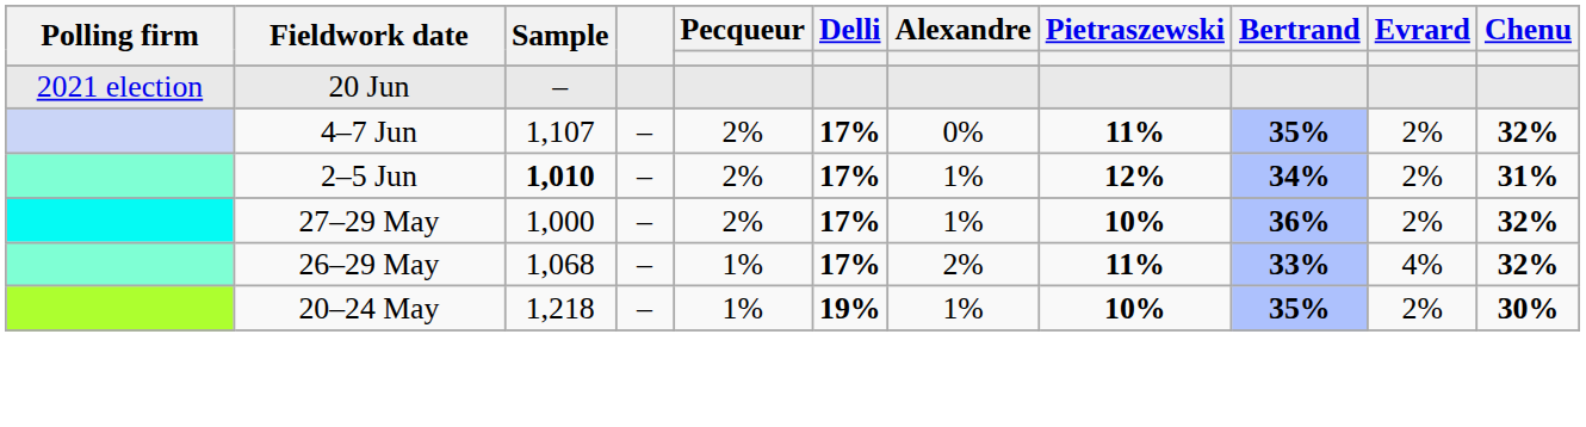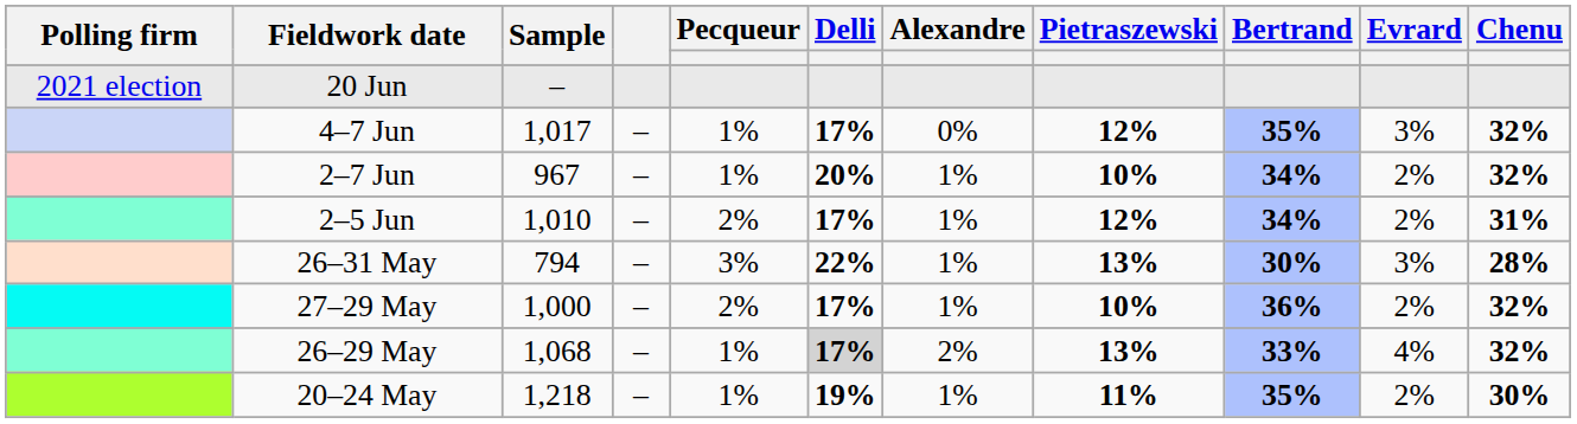 <table class="wikitable" style="text-align:center;font-size:90%;line-height:14px;">
 <tr>
 <th rowspan="2" style="width:100px;">Polling firm</th>
 <th rowspan="2" style="width:120px;">Fieldwork date</th>
 <th rowspan="2" style="width:35px;">Sample</th>
 <th rowspan="2" style="width:20px;"></th>
 <th>Pecqueur<br></th>
 <th><a href='#'>Delli</a><br></th>
 <th>Alexandre<br></th>
 <th><a href='#'>Pietraszewski</a><br></th>
 <th><a href='#'>Bertrand</a><br></th>
 <th><a href='#'>Evrard</a><br></th>
 <th><a href='#'>Chenu</a><br></th>
 </tr>
 <tr>
 <th style="background:"></th>
 <th style="background:"></th>
 <th style="background:"></th>
 <th style="background:"></th>
 <th style="background:"></th>
 <th style="background:"></th>
 <th style="background:"></th>
 </tr>
 <tr style="background:#E9E9E9;">
 <td><a href='#'>2021 election</a></td>
 <td data-sort-value="2021-06-20">20 Jun</td>
 <td>–</td>
 <td></td>
 <td></td>
 <td></td>
 <td></td>
 <td></td>
 <td></td>
 <td></td>
 <td></td>
 </tr>
 <tr>
 <td style="background:#CAD5F7;"></td>
 <td>4–7 Jun</td>
-<td>1,107</td>
+<td>1,017</td>
 <td>–</td>
-<td>2%</td>
+<td>1%</td>
 <td><strong>17%</strong></td>
 <td>0%</td>
-<td><strong>11%</strong></td>
+<td><strong>12%</strong></td>
 <td style="background:#ADC1FD;"><strong>35%</strong></td>
+<td>3%</td>
+<td><strong>32%</strong></td>
+</tr>
+<tr>
+<td style="background:#FFCCCC;"></td>
+<td>2–7 Jun</td>
+<td>967</td>
+<td>–</td>
+<td>1%</td>
+<td><strong>20%</strong></td>
+<td>1%</td>
+<td><strong>10%</strong></td>
+<td style="background:#ADC1FD;"><strong>34%</strong></td>
 <td>2%</td>
 <td><strong>32%</strong></td>
 </tr>
 <tr>
 <td style="background:aquamarine;"></td>
 <td>2–5 Jun</td>
-<td><strong>1,010</strong></td>
+<td>1,010</td>
 <td>–</td>
 <td>2%</td>
 <td><strong>17%</strong></td>
 <td>1%</td>
 <td><strong>12%</strong></td>
 <td style="background:#ADC1FD;"><strong>34%</strong></td>
 <td>2%</td>
 <td><strong>31%</strong></td>
+</tr>
+<tr>
+<td style="background:#FFDFCC;"></td>
+<td>26–31 May</td>
+<td>794</td>
+<td>–</td>
+<td>3%</td>
+<td><strong>22%</strong></td>
+<td>1%</td>
+<td><strong>13%</strong></td>
+<td style="background:#ADC1FD;"><strong>30%</strong></td>
+<td>3%</td>
+<td><strong>28%</strong></td>
 </tr>
 <tr>
 <td style="background:#04FBF4;"></td>
 <td>27–29 May</td>
 <td>1,000</td>
 <td>–</td>
 <td>2%</td>
 <td><strong>17%</strong></td>
 <td>1%</td>
 <td><strong>10%</strong></td>
 <td style="background:#ADC1FD;"><strong>36%</strong></td>
 <td>2%</td>
 <td><strong>32%</strong></td>
 </tr>
 <tr>
 <td style="background:aquamarine;"></td>
 <td>26–29 May</td>
 <td>1,068</td>
 <td>–</td>
 <td>1%</td>
-<td><strong>17%</strong></td>
+<td style="background: lightgrey;"><strong>17%</strong></td>
 <td>2%</td>
-<td><strong>11%</strong></td>
+<td><strong>13%</strong></td>
 <td style="background:#ADC1FD;"><strong>33%</strong></td>
 <td>4%</td>
 <td><strong>32%</strong></td>
 </tr>
 <tr>
 <td style="background:GreenYellow;"></td>
 <td>20–24 May</td>
 <td>1,218</td>
 <td>–</td>
 <td>1%</td>
 <td><strong>19%</strong></td>
 <td>1%</td>
-<td><strong>10%</strong></td>
+<td><strong>11%</strong></td>
 <td style="background:#ADC1FD;"><strong>35%</strong></td>
 <td>2%</td>
 <td><strong>30%</strong></td>
 </tr>
 </table>
